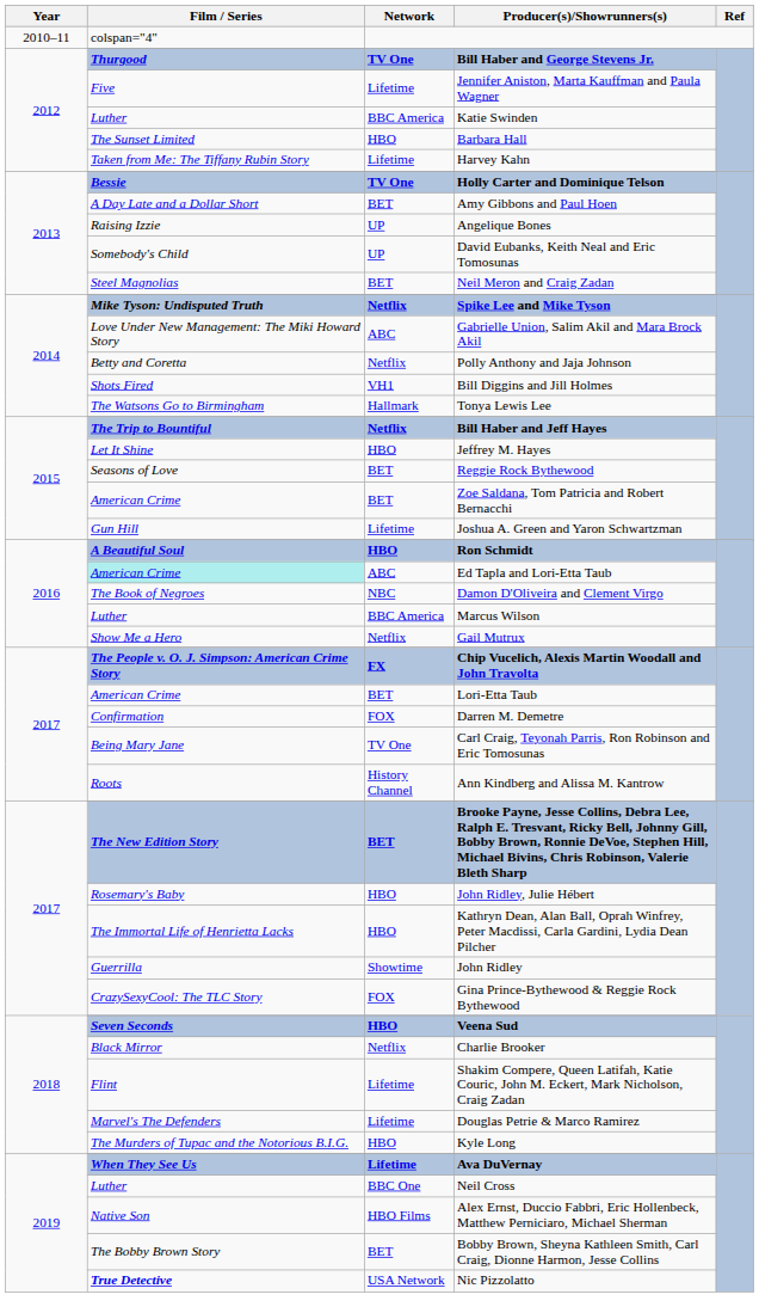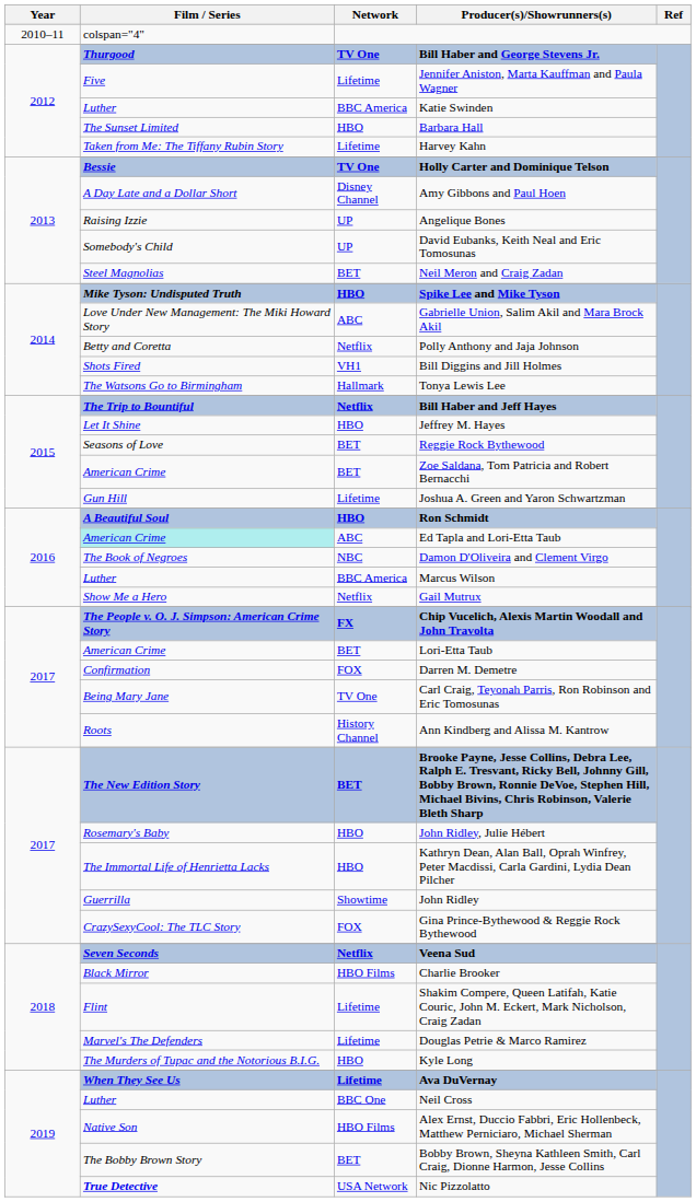 <table class="wikitable" style="width:100%;">
 <tr style="background:#bebebe;">
 <th style="width:11%;">Year</th>
 <th style="width:37%;">Film / Series</th>
 <th style="width:12%;">Network</th>
 <th style="width:35%;">Producer(s)/Showrunners(s)</th>
 <th style="width:5%;">Ref</th>
 </tr>
 <tr>
 <td align="center">2010–11</td>
 <td>colspan="4" </td>
 </tr>
 <tr>
 <td rowspan="6" align="center"><a href='#'>2012</a></td>
 </tr>
 <tr style="background:#B0C4DE">
 <td><strong><em><a href='#'>Thurgood</a></em></strong></td>
 <td><strong><a href='#'>TV One</a></strong></td>
 <td><strong>Bill Haber and <a href='#'>George Stevens Jr.</a></strong></td>
 <td rowspan="6" align="center"></td>
 </tr>
 <tr>
 <td><em><a href='#'>Five</a></em></td>
 <td><a href='#'>Lifetime</a></td>
 <td><a href='#'>Jennifer Aniston</a>, <a href='#'>Marta Kauffman</a> and <a href='#'>Paula Wagner</a></td>
 </tr>
 <tr>
 <td><em><a href='#'>Luther</a></em></td>
 <td><a href='#'>BBC America</a></td>
 <td>Katie Swinden</td>
 </tr>
 <tr>
 <td><em><a href='#'>The Sunset Limited</a></em></td>
 <td><a href='#'>HBO</a></td>
 <td><a href='#'>Barbara Hall</a></td>
 </tr>
 <tr>
 <td><em><a href='#'>Taken from Me: The Tiffany Rubin Story</a></em></td>
 <td><a href='#'>Lifetime</a></td>
 <td>Harvey Kahn</td>
 </tr>
 <tr>
 <td rowspan="6" align="center"><a href='#'>2013</a></td>
 </tr>
 <tr style="background:#B0C4DE">
 <td><strong><em><a href='#'>Bessie</a></em></strong></td>
 <td><strong><a href='#'>TV One</a></strong></td>
 <td><strong>Holly Carter and Dominique Telson</strong></td>
 <td rowspan="6" align="center"></td>
 </tr>
 <tr>
 <td><em><a href='#'>A Day Late and a Dollar Short</a></em></td>
-<td><a href='#'>BET</a></td>
+<td><a href='#'>Disney Channel</a></td>
 <td>Amy Gibbons and <a href='#'>Paul Hoen</a></td>
 </tr>
 <tr>
 <td><em>Raising Izzie</em></td>
 <td><a href='#'>UP</a></td>
 <td>Angelique Bones</td>
 </tr>
 <tr>
 <td><em>Somebody's Child</em></td>
 <td><a href='#'>UP</a></td>
 <td>David Eubanks, Keith Neal and Eric Tomosunas</td>
 </tr>
 <tr>
 <td><em><a href='#'>Steel Magnolias</a></em></td>
 <td><a href='#'>BET</a></td>
 <td><a href='#'>Neil Meron</a> and <a href='#'>Craig Zadan</a></td>
 </tr>
 <tr>
 <td rowspan="6" align="center"><a href='#'>2014</a></td>
 </tr>
 <tr style="background:#B0C4DE">
 <td><strong><em>Mike Tyson: Undisputed Truth</em></strong></td>
-<td><strong><a href='#'>Netflix</a></strong></td>
+<td><strong><a href='#'>HBO</a></strong></td>
 <td><strong><a href='#'>Spike Lee</a> and <a href='#'>Mike Tyson</a></strong></td>
 <td rowspan="6" align="center"></td>
 </tr>
 <tr>
 <td><em>Love Under New Management: The Miki Howard Story</em></td>
 <td><a href='#'>ABC</a></td>
 <td><a href='#'>Gabrielle Union</a>, Salim Akil and <a href='#'>Mara Brock Akil</a></td>
 </tr>
 <tr>
 <td><em>Betty and Coretta</em></td>
 <td><a href='#'>Netflix</a></td>
 <td>Polly Anthony and Jaja Johnson</td>
 </tr>
 <tr>
 <td><em><a href='#'>Shots Fired</a></em></td>
 <td><a href='#'>VH1</a></td>
 <td>Bill Diggins and Jill Holmes</td>
 </tr>
 <tr>
 <td><em><a href='#'>The Watsons Go to Birmingham</a></em></td>
 <td><a href='#'>Hallmark</a></td>
 <td>Tonya Lewis Lee</td>
 </tr>
 <tr>
 <td rowspan="6" align="center"><a href='#'>2015</a></td>
 </tr>
 <tr style="background:#B0C4DE">
 <td><strong><em><a href='#'>The Trip to Bountiful</a></em></strong></td>
 <td><strong><a href='#'>Netflix</a></strong></td>
 <td><strong>Bill Haber and Jeff Hayes</strong></td>
 <td rowspan="6" align="center"></td>
 </tr>
 <tr>
 <td><em><a href='#'>Let It Shine</a></em></td>
 <td><a href='#'>HBO</a></td>
 <td>Jeffrey M. Hayes</td>
 </tr>
 <tr>
 <td><em>Seasons of Love</em></td>
 <td><a href='#'>BET</a></td>
 <td><a href='#'>Reggie Rock Bythewood</a></td>
 </tr>
 <tr>
 <td><em><a href='#'>American Crime</a></em></td>
 <td><a href='#'>BET</a></td>
 <td><a href='#'>Zoe Saldana</a>, Tom Patricia and Robert Bernacchi</td>
 </tr>
 <tr>
 <td><em><a href='#'>Gun Hill</a></em></td>
 <td><a href='#'>Lifetime</a></td>
 <td>Joshua A. Green and Yaron Schwartzman</td>
 </tr>
 <tr>
 <td rowspan="6" align="center"><a href='#'>2016</a></td>
 </tr>
 <tr style="background:#B0C4DE">
 <td><strong><em><a href='#'>A Beautiful Soul</a></em></strong></td>
 <td><strong><a href='#'>HBO</a></strong></td>
 <td><strong>Ron Schmidt</strong></td>
 <td rowspan="6" align="center"></td>
 </tr>
 <tr>
 <td style="background: paleturquoise;"><em><a href='#'>American Crime</a></em></td>
 <td><a href='#'>ABC</a></td>
 <td>Ed Tapla and Lori-Etta Taub</td>
 </tr>
 <tr>
 <td><em><a href='#'>The Book of Negroes</a></em></td>
 <td><a href='#'>NBC</a></td>
 <td><a href='#'>Damon D'Oliveira</a> and <a href='#'>Clement Virgo</a></td>
 </tr>
 <tr>
 <td><em><a href='#'>Luther</a></em></td>
 <td><a href='#'>BBC America</a></td>
 <td>Marcus Wilson</td>
 </tr>
 <tr>
 <td><em><a href='#'>Show Me a Hero</a></em></td>
 <td><a href='#'>Netflix</a></td>
 <td><a href='#'>Gail Mutrux</a></td>
 </tr>
 <tr>
 <td rowspan="6" align="center"><a href='#'>2017</a></td>
 </tr>
 <tr style="background:#B0C4DE">
 <td><strong><em><a href='#'>The People v. O. J. Simpson: American Crime Story</a></em></strong></td>
 <td><strong><a href='#'>FX</a></strong></td>
 <td><strong>Chip Vucelich, Alexis Martin Woodall and <a href='#'>John Travolta</a></strong></td>
 <td rowspan="6" align="center"></td>
 </tr>
 <tr>
 <td><em><a href='#'>American Crime</a></em></td>
 <td><a href='#'>BET</a></td>
 <td>Lori-Etta Taub</td>
 </tr>
 <tr>
 <td><em><a href='#'>Confirmation</a></em></td>
 <td><a href='#'>FOX</a></td>
 <td>Darren M. Demetre</td>
 </tr>
 <tr>
 <td><em><a href='#'>Being Mary Jane</a></em></td>
 <td><a href='#'>TV One</a></td>
 <td>Carl Craig, <a href='#'>Teyonah Parris</a>, Ron Robinson and Eric Tomosunas</td>
 </tr>
 <tr>
 <td><em><a href='#'>Roots</a></em></td>
 <td><a href='#'>History Channel</a></td>
 <td>Ann Kindberg and Alissa M. Kantrow</td>
 </tr>
 <tr>
 <td rowspan="6" align="center"><a href='#'>2017</a></td>
 </tr>
 <tr style="background:#B0C4DE">
 <td><strong><em><a href='#'>The New Edition Story</a></em></strong></td>
 <td><strong><a href='#'>BET</a></strong></td>
 <td><strong>Brooke Payne, Jesse Collins, Debra Lee, Ralph E. Tresvant, Ricky Bell, Johnny Gill, Bobby Brown, Ronnie DeVoe, Stephen Hill, Michael Bivins, Chris Robinson, Valerie Bleth Sharp</strong></td>
 <td rowspan="6" align="center"></td>
 </tr>
 <tr>
 <td><em><a href='#'>Rosemary's Baby</a></em></td>
 <td><a href='#'>HBO</a></td>
 <td><a href='#'>John Ridley</a>, Julie Hébert</td>
 </tr>
 <tr>
 <td><em><a href='#'>The Immortal Life of Henrietta Lacks</a></em></td>
 <td><a href='#'>HBO</a></td>
 <td>Kathryn Dean, Alan Ball, Oprah Winfrey, Peter Macdissi, Carla Gardini, Lydia Dean Pilcher</td>
 </tr>
 <tr>
 <td><em><a href='#'>Guerrilla</a></em></td>
 <td><a href='#'>Showtime</a></td>
 <td>John Ridley</td>
 </tr>
 <tr>
 <td><em><a href='#'>CrazySexyCool: The TLC Story</a></em></td>
 <td><a href='#'>FOX</a></td>
 <td>Gina Prince-Bythewood & Reggie Rock Bythewood</td>
 </tr>
 <tr>
 <td rowspan="6" align="center"><a href='#'>2018</a></td>
 </tr>
 <tr style="background:#B0C4DE">
 <td><strong><em><a href='#'>Seven Seconds</a></em></strong></td>
-<td><strong><a href='#'>HBO</a></strong></td>
+<td><strong><a href='#'>Netflix</a></strong></td>
 <td><strong>Veena Sud</strong></td>
 <td rowspan="6" align="center"></td>
 </tr>
 <tr>
 <td><em><a href='#'>Black Mirror</a></em></td>
-<td><a href='#'>Netflix</a></td>
+<td><a href='#'>HBO Films</a></td>
 <td>Charlie Brooker</td>
 </tr>
 <tr>
 <td><em><a href='#'>Flint</a></em></td>
 <td><a href='#'>Lifetime</a></td>
 <td>Shakim Compere, Queen Latifah, Katie Couric, John M. Eckert, Mark Nicholson, Craig Zadan</td>
 </tr>
 <tr>
 <td><em><a href='#'>Marvel's The Defenders</a></em></td>
 <td><a href='#'>Lifetime</a></td>
 <td>Douglas Petrie & Marco Ramirez</td>
 </tr>
 <tr>
 <td><em><a href='#'>The Murders of Tupac and the Notorious B.I.G.</a></em></td>
 <td><a href='#'>HBO</a></td>
 <td>Kyle Long</td>
 </tr>
 <tr>
 <td rowspan="6" align="center"><a href='#'>2019</a></td>
 </tr>
 <tr style="background:#B0C4DE">
 <td><strong><em><a href='#'>When They See Us</a></em></strong></td>
 <td><strong><a href='#'>Lifetime</a></strong></td>
 <td><strong>Ava DuVernay</strong></td>
 <td rowspan="6" align="center"></td>
 </tr>
 <tr>
 <td><em><a href='#'>Luther</a></em></td>
 <td><a href='#'>BBC One</a></td>
 <td>Neil Cross</td>
 </tr>
 <tr>
 <td><em><a href='#'>Native Son</a></em></td>
 <td><a href='#'>HBO Films</a></td>
 <td>Alex Ernst, Duccio Fabbri, Eric Hollenbeck, Matthew Perniciaro, Michael Sherman</td>
 </tr>
 <tr>
 <td><em>The Bobby Brown Story</em></td>
 <td><a href='#'>BET</a></td>
 <td>Bobby Brown, Sheyna Kathleen Smith, Carl Craig, Dionne Harmon, Jesse Collins</td>
 </tr>
 <tr>
 <td><strong><em><a href='#'>True Detective</a></em></strong></td>
 <td><a href='#'>USA Network</a></td>
 <td>Nic Pizzolatto</td>
 </tr>
 </table>
